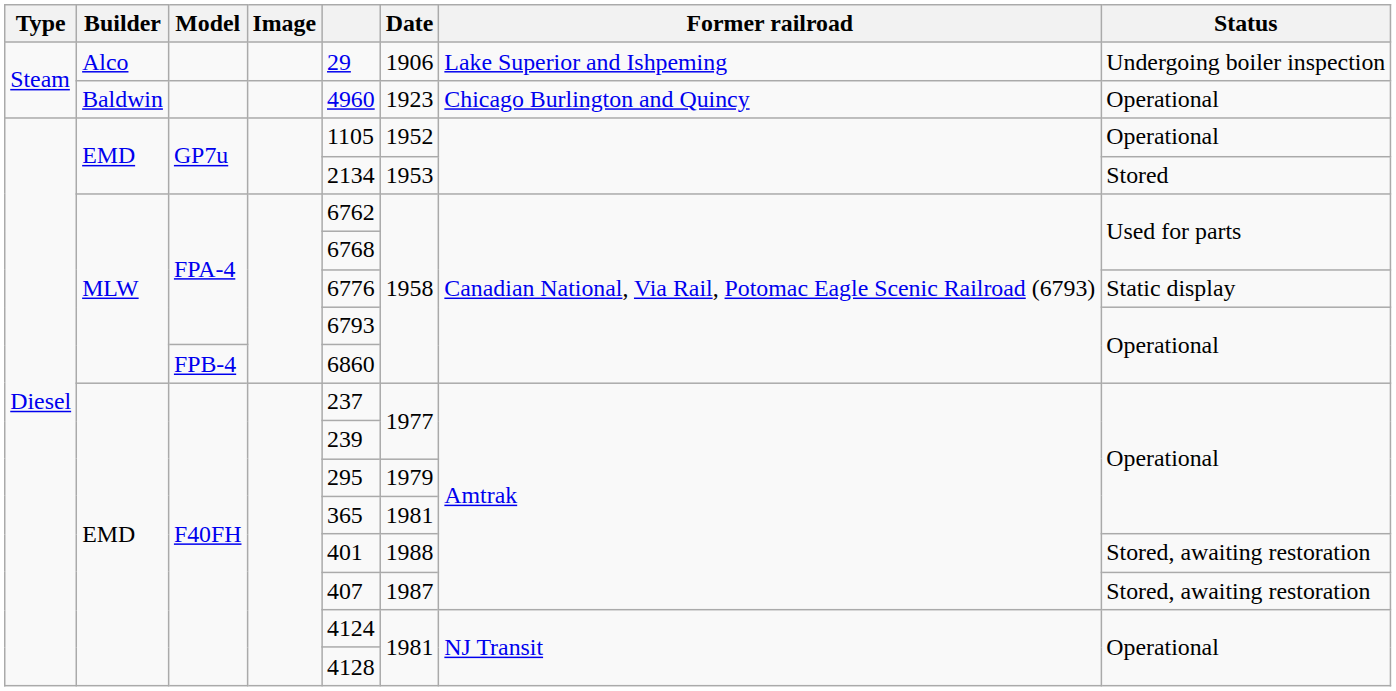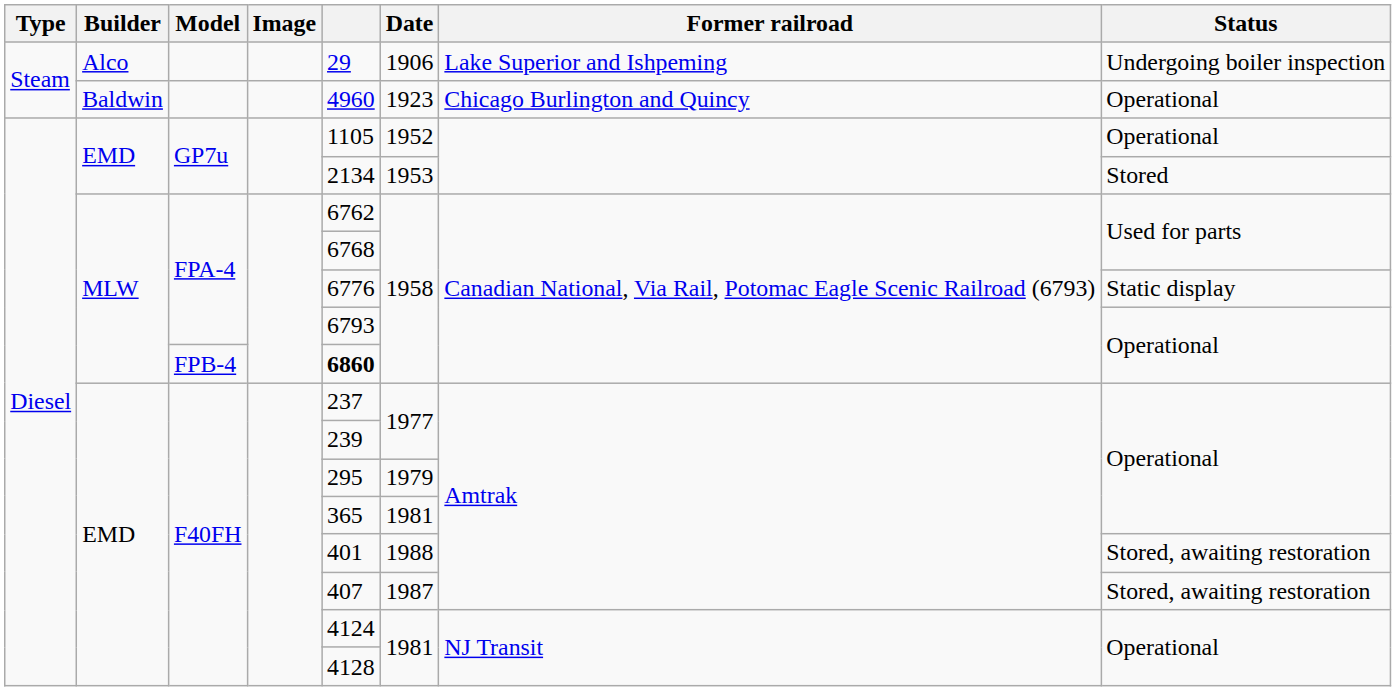 <table class="wikitable">
 <tr>
 <th>Type</th>
 <th>Builder</th>
 <th>Model</th>
 <th>Image</th>
 <th></th>
 <th>Date</th>
 <th>Former railroad</th>
 <th>Status</th>
 </tr>
 <tr>
 <td rowspan="2"><a href='#'>Steam</a></td>
 <td><a href='#'>Alco</a></td>
 <td></td>
 <td></td>
 <td><a href='#'>29</a></td>
 <td>1906</td>
 <td><a href='#'>Lake Superior and Ishpeming</a></td>
 <td>Undergoing boiler inspection</td>
 </tr>
 <tr>
 <td><a href='#'>Baldwin</a></td>
 <td></td>
 <td></td>
 <td><a href='#'>4960</a></td>
 <td>1923</td>
 <td><a href='#'>Chicago Burlington and Quincy</a></td>
 <td>Operational</td>
 </tr>
 <tr>
 <td rowspan="17"><a href='#'>Diesel</a></td>
 <td rowspan="2"><a href='#'>EMD</a></td>
 <td rowspan="2"><a href='#'>GP7u</a></td>
 <td rowspan="2"></td>
 <td>1105</td>
 <td>1952</td>
 <td rowspan="2"></td>
 <td>Operational</td>
 </tr>
 <tr>
 <td>2134</td>
 <td>1953</td>
 <td>Stored</td>
 </tr>
 <tr>
 <td rowspan="5"><a href='#'>MLW</a></td>
 <td rowspan="4"><a href='#'>FPA-4</a></td>
 <td rowspan="5"></td>
 <td>6762</td>
 <td rowspan="5">1958</td>
 <td rowspan="5"><a href='#'>Canadian National</a>, <a href='#'>Via Rail</a>, <a href='#'>Potomac Eagle Scenic Railroad</a> (6793)</td>
 <td rowspan="2">Used for parts</td>
 </tr>
 <tr>
 <td>6768</td>
 </tr>
 <tr>
 <td>6776</td>
 <td>Static display</td>
 </tr>
 <tr>
 <td>6793</td>
 <td rowspan="2">Operational</td>
 </tr>
 <tr>
 <td><a href='#'>FPB-4</a></td>
-<td>6860</td>
+<td><strong>6860</strong></td>
 </tr>
 <tr>
 <td rowspan="8">EMD</td>
 <td rowspan="8"><a href='#'>F40FH</a></td>
 <td rowspan="8"></td>
 <td>237</td>
 <td rowspan="2">1977</td>
 <td rowspan="6"><a href='#'>Amtrak</a></td>
 <td rowspan="4">Operational</td>
 </tr>
 <tr>
 <td>239</td>
 </tr>
 <tr>
 <td>295</td>
 <td>1979</td>
 </tr>
 <tr>
 <td>365</td>
 <td>1981</td>
 </tr>
 <tr>
 <td>401</td>
 <td>1988</td>
 <td>Stored, awaiting restoration</td>
 </tr>
 <tr>
 <td>407</td>
 <td>1987</td>
 <td>Stored, awaiting restoration</td>
 </tr>
 <tr>
 <td>4124</td>
 <td rowspan="2">1981</td>
 <td rowspan="2"><a href='#'>NJ Transit</a></td>
 <td rowspan="2">Operational</td>
 </tr>
 <tr>
 <td>4128</td>
 </tr>
 </table>
